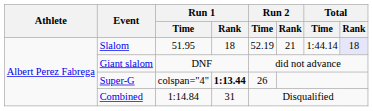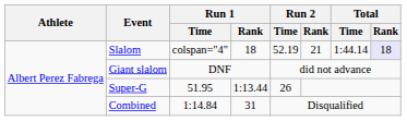 <table class="wikitable" style="font-size:90%">
 <tr>
 <th rowspan=2>Athlete</th>
 <th rowspan=2>Event</th>
 <th colspan=2>Run 1</th>
 <th colspan=2>Run 2</th>
 <th colspan=2>Total</th>
 </tr>
 <tr style="font-size:95%">
 <th>Time</th>
 <th>Rank</th>
 <th>Time</th>
 <th>Rank</th>
 <th>Time</th>
 <th>Rank</th>
 </tr>
 <tr align=center>
 <td align="left" rowspan="4"><a href='#'>Albert Perez Fabrega</a></td>
 <td align="left"><a href='#'>Slalom</a></td>
-<td>51.95</td>
+<td>colspan="4" </td>
 <td>18</td>
 <td>52.19</td>
 <td>21</td>
 <td>1:44.14</td>
 <td style="background: lavender;">18</td>
 </tr>
 <tr align=center>
 <td align="left"><a href='#'>Giant slalom</a></td>
 <td colspan=2>DNF</td>
 <td colspan=4>did not advance</td>
 </tr>
 <tr align=center>
 <td align="left"><a href='#'>Super-G</a></td>
-<td>colspan="4" </td>
-<td><strong>1:13.44</strong></td>
+<td>51.95</td>
+<td>1:13.44</td>
 <td>26</td>
 </tr>
 <tr align=center>
 <td align="left"><a href='#'>Combined</a></td>
 <td>1:14.84</td>
 <td>31</td>
 <td colspan=4>Disqualified</td>
 </tr>
 </table>
